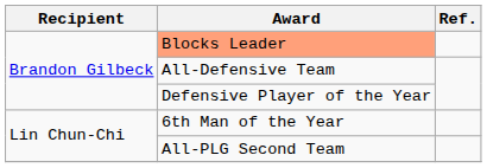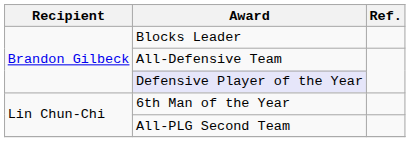 <table class="wikitable">
 <tr>
 <th>Recipient</th>
 <th>Award</th>
 <th>Ref.</th>
 </tr>
 <tr>
 <td rowspan=3><a href='#'>Brandon Gilbeck</a></td>
-<td style="background: lightsalmon;">Blocks Leader</td>
+<td>Blocks Leader</td>
 <td></td>
 </tr>
 <tr>
 <td>All-Defensive Team</td>
 <td rowspan=2></td>
 </tr>
 <tr>
-<td>Defensive Player of the Year</td>
+<td style="background: lavender;">Defensive Player of the Year</td>
 </tr>
 <tr>
 <td rowspan=2>Lin Chun-Chi</td>
 <td>6th Man of the Year</td>
 <td></td>
 </tr>
 <tr>
 <td>All-PLG Second Team</td>
 <td></td>
 </tr>
 <tr>
 </tr>
 </table>
